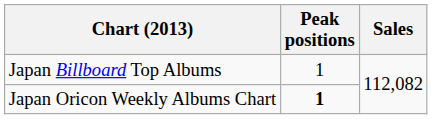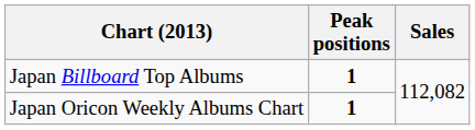 <table class="wikitable sortable">
 <tr>
 <th>Chart (2013)</th>
 <th>Peak<br>positions</th>
 <th>Sales</th>
 </tr>
 <tr>
 <td>Japan <em><a href='#'>Billboard</a></em> Top Albums</td>
-<td style="text-align:center;">1</td>
+<td style="text-align:center;"><strong>1</strong></td>
 <td rowspan="3" style="text-align:center;">112,082</td>
 </tr>
 <tr>
 <td>Japan Oricon Weekly Albums Chart</td>
 <td style="text-align:center;"><strong>1</strong></td>
 </tr>
 </table>
